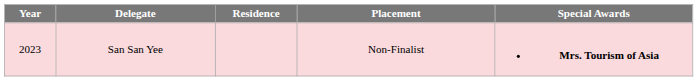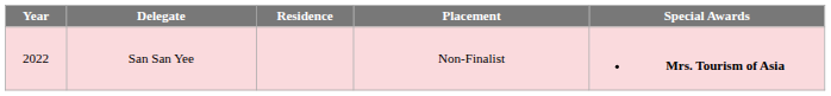 <table class="wikitable sortable" style="font-size: 90%; text-align:center">
 <tr>
 <th width="60" style="background-color:#787878;color:#FFFFFF;">Year</th>
 <th width="200" style="background-color:#787878;color:#FFFFFF;">Delegate</th>
 <th width="100" style="background-color:#787878;color:#FFFFFF;">Residence</th>
 <th width="250" style="background-color:#787878;color:#FFFFFF;">Placement</th>
 <th width="250" style="background-color:#787878;color:#FFFFFF;">Special Awards</th>
 </tr>
 <tr style="background-color:#FADADD;: bold">
-<td><strong></strong> 2023</td>
+<td><strong></strong> 2022</td>
 <td>San San Yee</td>
 <td></td>
 <td>Non-Finalist</td>
 <td><br><ul><li><strong>Mrs. Tourism of Asia</strong></li></ul></td>
 </tr>
 </table>
